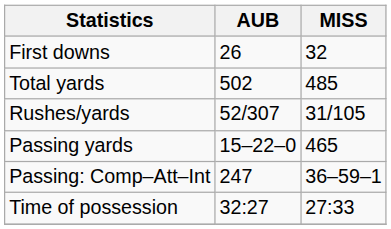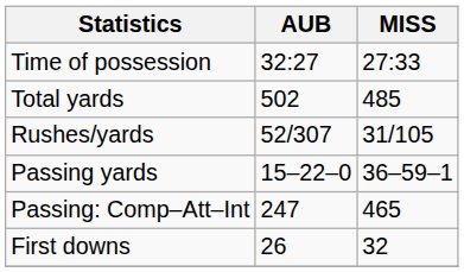 <table class="wikitable" style="float: left;">
 <tr>
 <th>Statistics</th>
 <th>AUB</th>
 <th>MISS</th>
 </tr>
 <tr>
-<td>First downs</td>
-<td>26</td>
-<td>32</td>
+<td>Time of possession</td>
+<td>32:27</td>
+<td>27:33</td>
 </tr>
 <tr>
 <td>Total yards</td>
 <td>502</td>
 <td>485</td>
 </tr>
 <tr>
 <td>Rushes/yards</td>
 <td>52/307</td>
 <td>31/105</td>
 </tr>
 <tr>
 <td>Passing yards</td>
 <td>15–22–0</td>
-<td>465</td>
+<td>36–59–1</td>
 </tr>
 <tr>
 <td>Passing: Comp–Att–Int</td>
 <td>247</td>
-<td>36–59–1</td>
+<td>465</td>
 </tr>
 <tr>
-<td>Time of possession</td>
-<td>32:27</td>
-<td>27:33</td>
+<td>First downs</td>
+<td>26</td>
+<td>32</td>
 </tr>
 <tr>
 </tr>
 </table>
